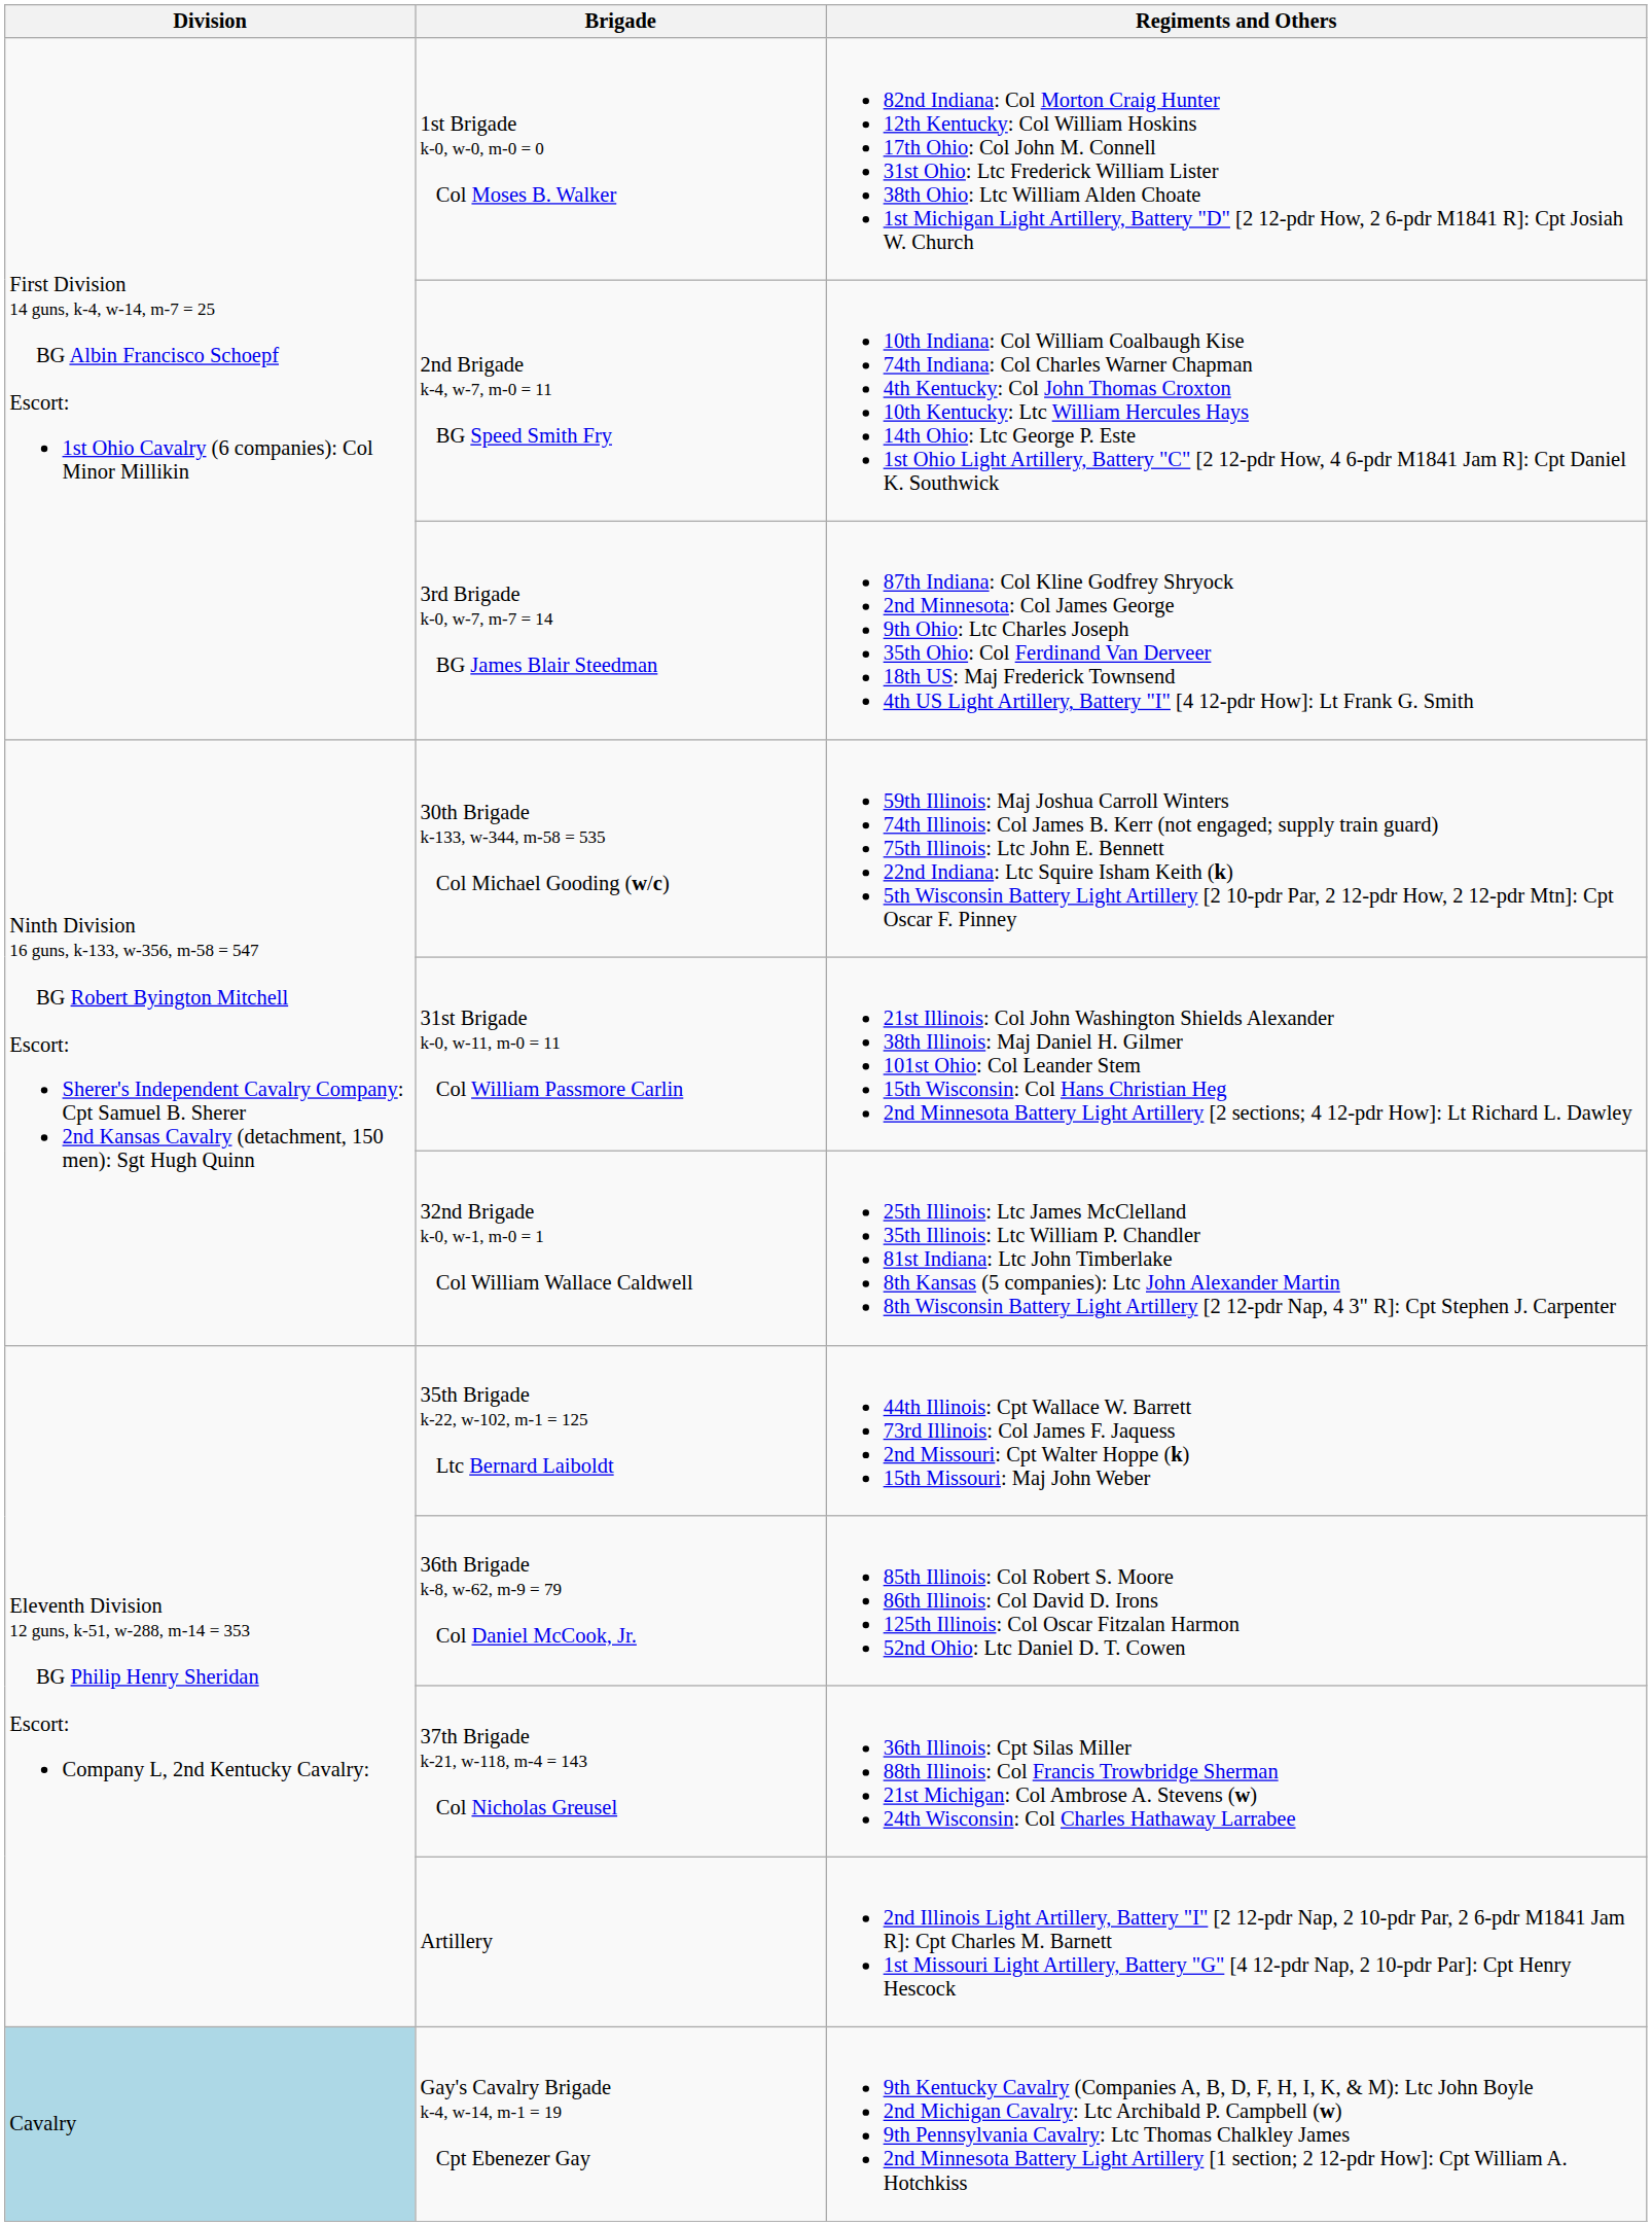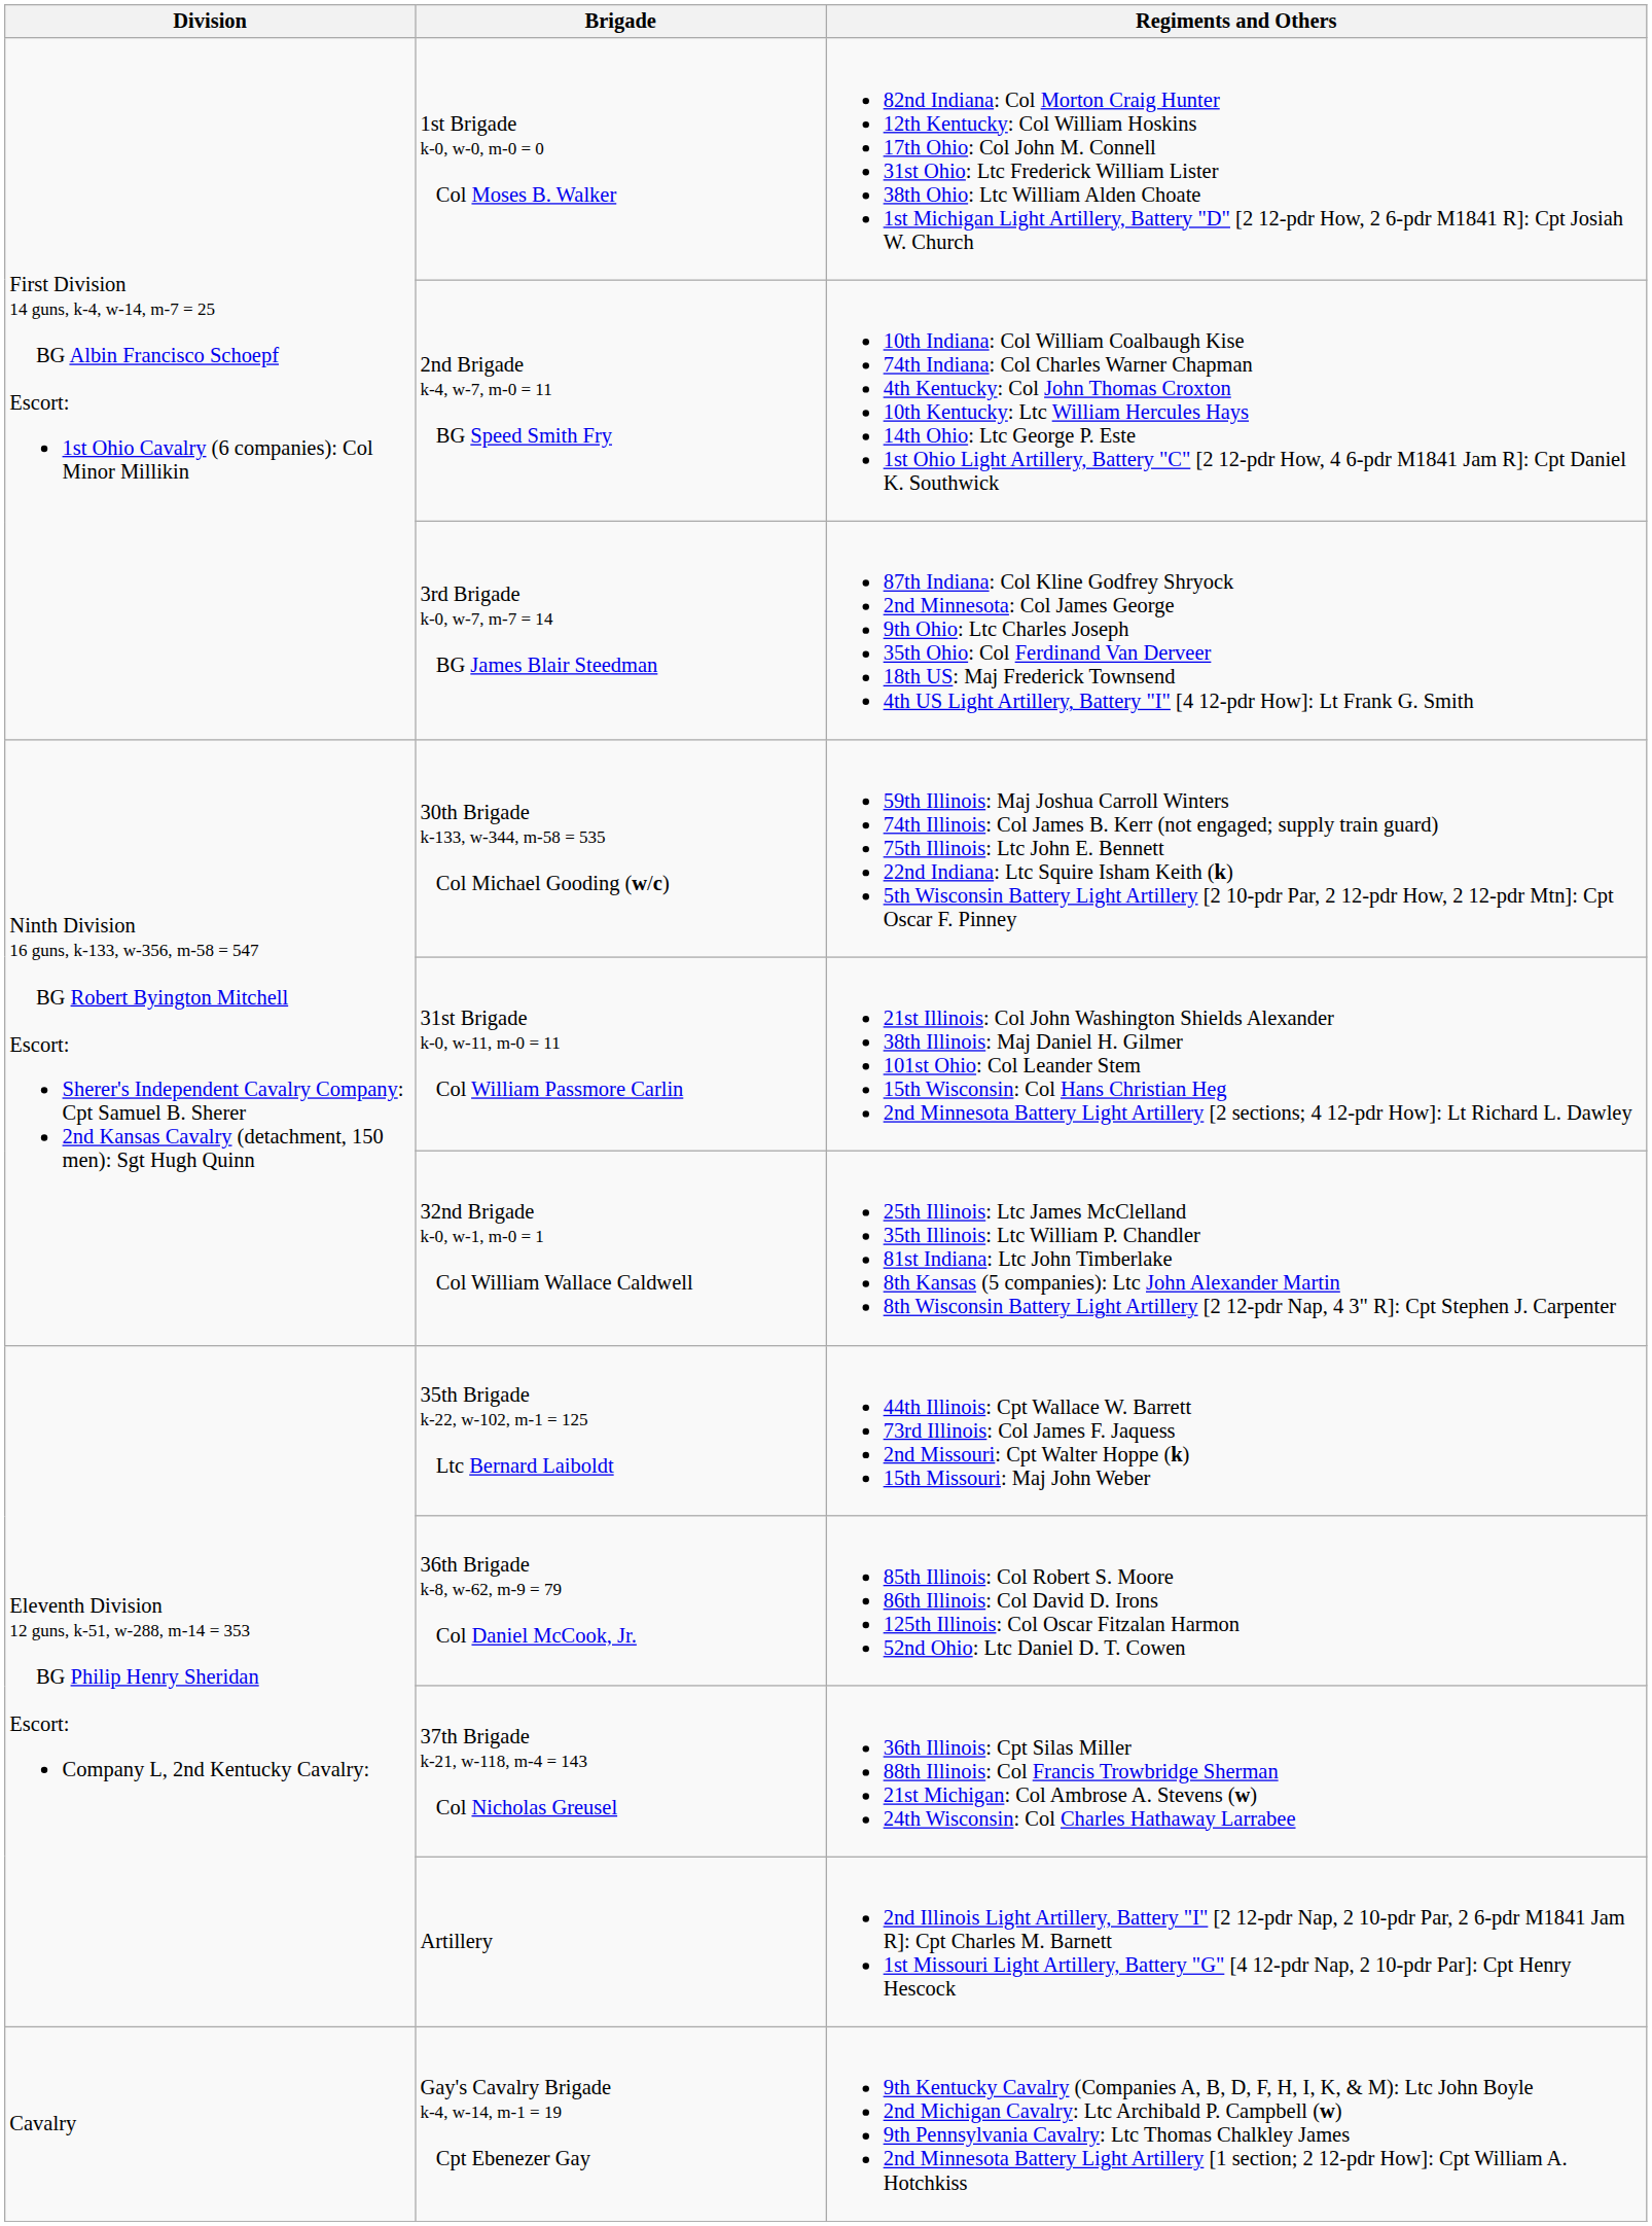 <table class="wikitable">
 <tr>
 <th width=25%>Division</th>
 <th width=25%>Brigade</th>
 <th>Regiments and Others</th>
 </tr>
 <tr>
 <td rowspan=3><br>First Division<br> <small>14 guns, k-4, w-14, m-7 = 25</small><br><br>     BG <a href='#'>Albin Francisco Schoepf</a><br><br> Escort:<ul><li><a href='#'>1st Ohio Cavalry</a> (6 companies): Col Minor Millikin</li></ul><br></td>
 <td>1st Brigade<br><small>k-0, w-0, m-0 = 0</small><br><br>   Col <a href='#'>Moses B. Walker</a></td>
 <td><br><ul><li><a href='#'>82nd Indiana</a>: Col <a href='#'>Morton Craig Hunter</a></li><li><a href='#'>12th Kentucky</a>: Col William Hoskins</li><li><a href='#'>17th Ohio</a>: Col John M. Connell</li><li><a href='#'>31st Ohio</a>: Ltc Frederick William Lister</li><li><a href='#'>38th Ohio</a>: Ltc William Alden Choate</li><li><a href='#'>1st Michigan Light Artillery, Battery "D"</a> [2 12-pdr How, 2 6-pdr M1841 R]: Cpt Josiah W. Church</li></ul></td>
 </tr>
 <tr>
 <td>2nd Brigade<br><small>k-4, w-7, m-0 = 11</small><br><br>   BG <a href='#'>Speed Smith Fry</a></td>
 <td><br><ul><li><a href='#'>10th Indiana</a>: Col William Coalbaugh Kise</li><li><a href='#'>74th Indiana</a>: Col Charles Warner Chapman</li><li><a href='#'>4th Kentucky</a>: Col <a href='#'>John Thomas Croxton</a></li><li><a href='#'>10th Kentucky</a>: Ltc <a href='#'>William Hercules Hays</a></li><li><a href='#'>14th Ohio</a>: Ltc George P. Este</li><li><a href='#'>1st Ohio Light Artillery, Battery "C"</a> [2 12-pdr How, 4 6-pdr M1841 Jam R]: Cpt Daniel K. Southwick</li></ul></td>
 </tr>
 <tr>
 <td>3rd Brigade<br><small>k-0, w-7, m-7 = 14</small><br><br>   BG <a href='#'>James Blair Steedman</a></td>
 <td><br><ul><li><a href='#'>87th Indiana</a>: Col Kline Godfrey Shryock</li><li><a href='#'>2nd Minnesota</a>: Col James George</li><li><a href='#'>9th Ohio</a>: Ltc Charles Joseph</li><li><a href='#'>35th Ohio</a>: Col <a href='#'>Ferdinand Van Derveer</a></li><li><a href='#'>18th US</a>: Maj Frederick Townsend</li><li><a href='#'>4th US Light Artillery, Battery "I"</a> [4 12-pdr How]: Lt Frank G. Smith</li></ul></td>
 </tr>
 <tr>
 <td rowspan=3><br>Ninth Division<br> <small>16 guns, k-133, w-356, m-58 = 547</small><br><br>     BG <a href='#'>Robert Byington Mitchell</a><br><br> Escort:<ul><li><a href='#'>Sherer's Independent Cavalry Company</a>: Cpt Samuel B. Sherer</li><li><a href='#'>2nd Kansas Cavalry</a> (detachment, 150 men): Sgt Hugh Quinn</li></ul></td>
 <td>30th Brigade<br><small>k-133, w-344, m-58 = 535</small><br><br>   Col Michael Gooding (<strong>w</strong>/<strong>c</strong>)</td>
 <td><br><ul><li><a href='#'>59th Illinois</a>: Maj Joshua Carroll Winters</li><li><a href='#'>74th Illinois</a>: Col James B. Kerr (not engaged; supply train guard)</li><li><a href='#'>75th Illinois</a>: Ltc John E. Bennett</li><li><a href='#'>22nd Indiana</a>: Ltc Squire Isham Keith (<strong>k</strong>)</li><li><a href='#'>5th Wisconsin Battery Light Artillery</a> [2 10-pdr Par, 2 12-pdr How, 2 12-pdr Mtn]: Cpt Oscar F. Pinney</li></ul></td>
 </tr>
 <tr>
 <td>31st Brigade<br><small>k-0, w-11, m-0 = 11</small><br><br>   Col <a href='#'>William Passmore Carlin</a></td>
 <td><br><ul><li><a href='#'>21st Illinois</a>: Col John Washington Shields Alexander</li><li><a href='#'>38th Illinois</a>: Maj Daniel H. Gilmer</li><li><a href='#'>101st Ohio</a>: Col Leander Stem</li><li><a href='#'>15th Wisconsin</a>: Col <a href='#'>Hans Christian Heg</a></li><li><a href='#'>2nd Minnesota Battery Light Artillery</a> [2 sections; 4 12-pdr How]: Lt Richard L. Dawley</li></ul></td>
 </tr>
 <tr>
 <td>32nd Brigade<br><small>k-0, w-1, m-0 = 1</small><br><br>   Col William Wallace Caldwell</td>
 <td><br><ul><li><a href='#'>25th Illinois</a>: Ltc James McClelland</li><li><a href='#'>35th Illinois</a>: Ltc William P. Chandler</li><li><a href='#'>81st Indiana</a>: Ltc John Timberlake</li><li><a href='#'>8th Kansas</a> (5 companies): Ltc <a href='#'>John Alexander Martin</a></li><li><a href='#'>8th Wisconsin Battery Light Artillery</a> [2 12-pdr Nap, 4 3" R]: Cpt Stephen J. Carpenter</li></ul></td>
 </tr>
 <tr>
 <td rowspan=4><br>Eleventh Division<br> <small>12 guns, k-51, w-288, m-14 = 353</small><br><br>     BG <a href='#'>Philip Henry Sheridan</a><br><br> Escort:<ul><li>Company L, 2nd Kentucky Cavalry:</li></ul></td>
 <td>35th Brigade<br><small>k-22, w-102, m-1 = 125</small><br><br>   Ltc <a href='#'>Bernard Laiboldt</a></td>
 <td><br><ul><li><a href='#'>44th Illinois</a>: Cpt Wallace W. Barrett</li><li><a href='#'>73rd Illinois</a>: Col James F. Jaquess</li><li><a href='#'>2nd Missouri</a>: Cpt Walter Hoppe (<strong>k</strong>)</li><li><a href='#'>15th Missouri</a>: Maj John Weber</li></ul></td>
 </tr>
 <tr>
 <td>36th Brigade<br><small>k-8, w-62, m-9 = 79</small><br><br>   Col <a href='#'>Daniel McCook, Jr.</a></td>
 <td><br><ul><li><a href='#'>85th Illinois</a>: Col Robert S. Moore</li><li><a href='#'>86th Illinois</a>: Col David D. Irons</li><li><a href='#'>125th Illinois</a>: Col Oscar Fitzalan Harmon</li><li><a href='#'>52nd Ohio</a>: Ltc Daniel D. T. Cowen</li></ul></td>
 </tr>
 <tr>
 <td>37th Brigade<br><small>k-21, w-118, m-4 = 143</small><br><br>   Col <a href='#'>Nicholas Greusel</a></td>
 <td><br><ul><li><a href='#'>36th Illinois</a>: Cpt Silas Miller</li><li><a href='#'>88th Illinois</a>: Col <a href='#'>Francis Trowbridge Sherman</a></li><li><a href='#'>21st Michigan</a>: Col Ambrose A. Stevens (<strong>w</strong>)</li><li><a href='#'>24th Wisconsin</a>: Col <a href='#'>Charles Hathaway Larrabee</a></li></ul></td>
 </tr>
 <tr>
 <td>Artillery</td>
 <td><br><ul><li><a href='#'>2nd Illinois Light Artillery, Battery "I"</a> [2 12-pdr Nap, 2 10-pdr Par, 2 6-pdr M1841 Jam R]: Cpt Charles M. Barnett</li><li><a href='#'>1st Missouri Light Artillery, Battery "G"</a> [4 12-pdr Nap, 2 10-pdr Par]: Cpt Henry Hescock</li></ul></td>
 </tr>
 <tr>
-<td style="background: lightblue;">Cavalry</td>
+<td>Cavalry</td>
 <td>Gay's Cavalry Brigade<br><small>k-4, w-14, m-1 = 19</small><br><br>   Cpt Ebenezer Gay</td>
 <td><br><ul><li><a href='#'>9th Kentucky Cavalry</a> (Companies A, B, D, F, H, I, K, & M): Ltc John Boyle</li><li><a href='#'>2nd Michigan Cavalry</a>: Ltc Archibald P. Campbell (<strong>w</strong>)</li><li><a href='#'>9th Pennsylvania Cavalry</a>: Ltc Thomas Chalkley James</li><li><a href='#'>2nd Minnesota Battery Light Artillery</a> [1 section; 2 12-pdr How]: Cpt William A. Hotchkiss</li></ul></td>
 </tr>
 <tr>
 </tr>
 </table>
